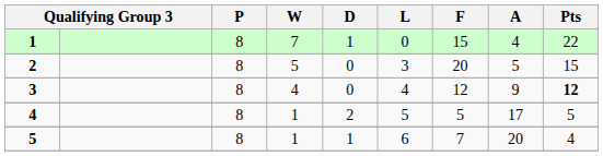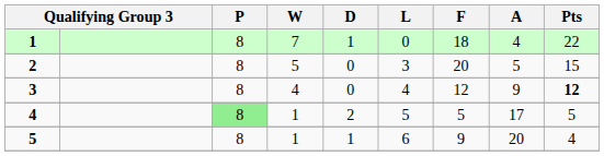 <table class="wikitable">
 <tr>
 <th colspan="2">Qualifying Group 3</th>
 <th rowspan="1" width="50">P</th>
 <th rowspan="1" width="50">W</th>
 <th colspan="1" width="50">D</th>
 <th colspan="1" width="50">L</th>
 <th colspan="1" width="50">F</th>
 <th colspan="1" width="50">A</th>
 <th colspan="1" width="50">Pts</th>
 </tr>
 <tr style="background:#ccffcc;" align=center>
 <td width="50"><strong>1</strong></td>
 <td align=left width="150"><strong></strong></td>
 <td>8</td>
 <td>7</td>
 <td>1</td>
 <td>0</td>
-<td>15</td>
+<td>18</td>
 <td>4</td>
 <td>22</td>
 </tr>
 <tr>
 </tr>
 <tr align=center>
 <td><strong>2</strong></td>
 <td align=left></td>
 <td>8</td>
 <td>5</td>
 <td>0</td>
 <td>3</td>
 <td>20</td>
 <td>5</td>
 <td>15</td>
 </tr>
 <tr>
 </tr>
 <tr align=center>
 <td><strong>3</strong></td>
 <td align=left></td>
 <td>8</td>
 <td>4</td>
 <td>0</td>
 <td>4</td>
 <td>12</td>
 <td>9</td>
 <td><strong>12</strong></td>
 </tr>
 <tr>
 </tr>
 <tr align=center>
 <td><strong>4</strong></td>
 <td align=left></td>
-<td>8</td>
+<td style="background: lightgreen;">8</td>
 <td>1</td>
 <td>2</td>
 <td>5</td>
 <td>5</td>
 <td>17</td>
 <td>5</td>
 </tr>
 <tr>
 </tr>
 <tr align=center>
 <td><strong>5</strong></td>
 <td align=left></td>
 <td>8</td>
 <td>1</td>
 <td>1</td>
 <td>6</td>
-<td>7</td>
+<td>9</td>
 <td>20</td>
 <td>4</td>
 </tr>
 <tr>
 </tr>
 </table>
